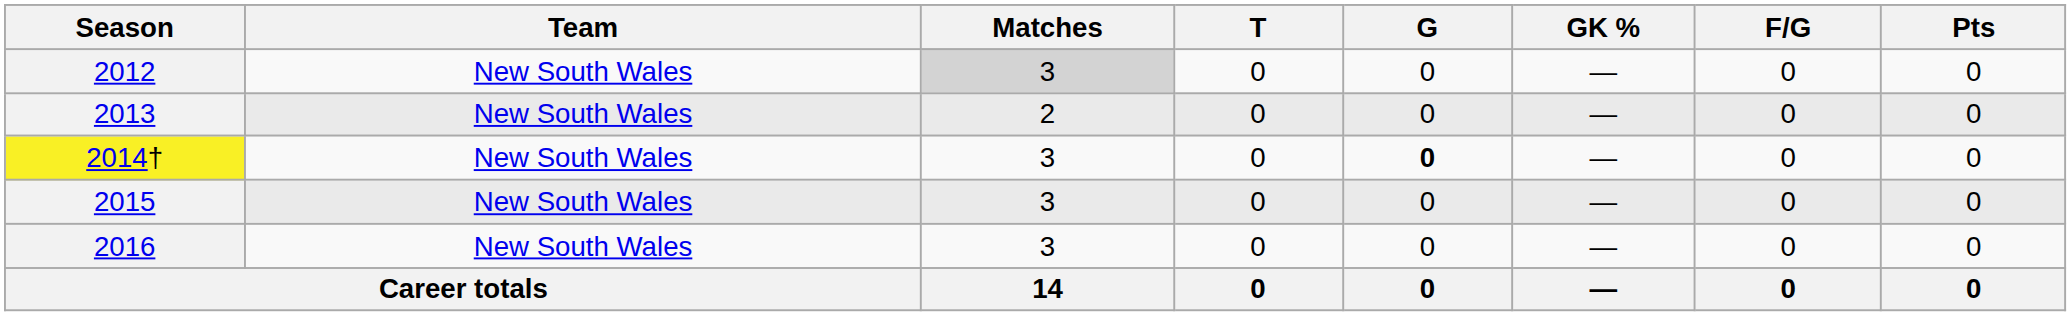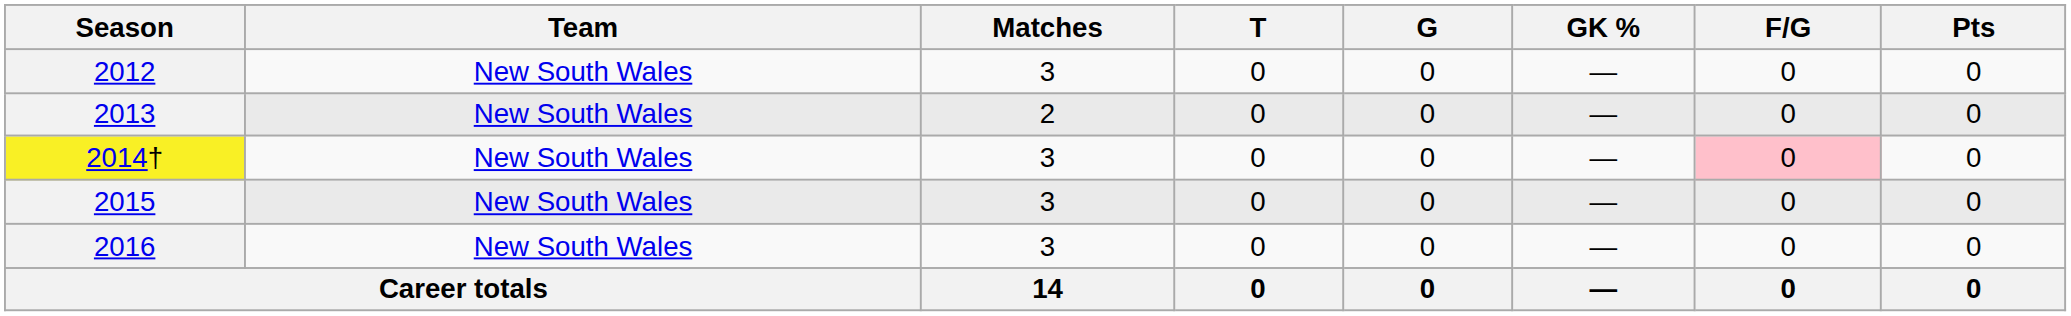 <table class="wikitable sortable"  style="font-size:90%; text-align:center; width:85%;">
 <tr>
 <th width=2%>Season</th>
 <th width=8%>Team</th>
 <th width=2%>Matches</th>
 <th width=2%>T</th>
 <th width=2%>G</th>
 <th width=2%>GK %</th>
 <th width=2%>F/G</th>
 <th width=2%>Pts</th>
 </tr>
 <tr>
 <th scope="row" style="text-align:center; font-weight:normal"><a href='#'>2012</a></th>
 <td style="text-align:center;"><a href='#'>New South Wales</a></td>
-<td style="background: lightgrey;">3</td>
+<td>3</td>
 <td>0</td>
 <td>0</td>
 <td>—</td>
 <td>0</td>
 <td>0</td>
 </tr>
 <tr style="background:#eaeaea;">
 <th scope="row" style="text-align:center; font-weight:normal"><a href='#'>2013</a></th>
 <td style="text-align:center;"><a href='#'>New South Wales</a></td>
 <td>2</td>
 <td>0</td>
 <td>0</td>
 <td>—</td>
 <td>0</td>
 <td>0</td>
 </tr>
 <tr>
 <th scope="row" style="text-align:center;background:#f9f025; font-weight:normal"><a href='#'>2014</a>†</th>
 <td style="text-align:center;"><a href='#'>New South Wales</a></td>
 <td>3</td>
 <td>0</td>
-<td><strong>0</strong></td>
+<td>0</td>
 <td>—</td>
-<td>0</td>
+<td style="background: pink;">0</td>
 <td>0</td>
 </tr>
 <tr style="background:#eaeaea;">
 <th scope="row" style="text-align:center; font-weight:normal"><a href='#'>2015</a></th>
 <td style="text-align:center;"><a href='#'>New South Wales</a></td>
 <td>3</td>
 <td>0</td>
 <td>0</td>
 <td>—</td>
 <td>0</td>
 <td>0</td>
 </tr>
 <tr>
 <th scope="row" style="text-align:center; font-weight:normal"><a href='#'>2016</a></th>
 <td style="text-align:center;"><a href='#'>New South Wales</a></td>
 <td>3</td>
 <td>0</td>
 <td>0</td>
 <td>—</td>
 <td>0</td>
 <td>0</td>
 </tr>
 <tr class="sortbottom">
 <th colspan=2>Career totals</th>
 <th>14</th>
 <th>0</th>
 <th>0</th>
 <th>—</th>
 <th>0</th>
 <th>0</th>
 </tr>
 </table>
